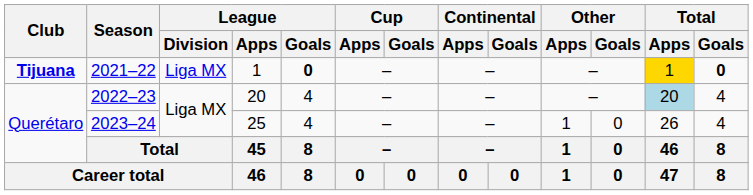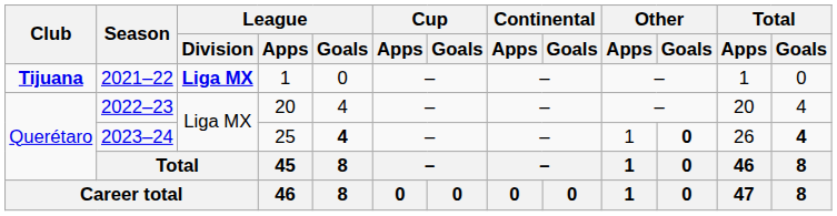 <table class="wikitable" style="text-align: center">
 <tr>
 <th rowspan="2">Club</th>
 <th rowspan="2">Season</th>
 <th colspan="3">League</th>
 <th colspan="2">Cup</th>
 <th colspan="2">Continental</th>
 <th colspan="2">Other</th>
 <th colspan="2">Total</th>
 </tr>
 <tr>
 <th>Division</th>
 <th>Apps</th>
 <th>Goals</th>
 <th>Apps</th>
 <th>Goals</th>
 <th>Apps</th>
 <th>Goals</th>
 <th>Apps</th>
 <th>Goals</th>
 <th>Apps</th>
 <th>Goals</th>
 </tr>
 <tr>
 <td><strong><a href='#'>Tijuana</a></strong></td>
 <td><a href='#'>2021–22</a></td>
-<td><a href='#'>Liga MX</a></td>
+<td><strong><a href='#'>Liga MX</a></strong></td>
 <td>1</td>
-<td><strong>0</strong></td>
+<td>0</td>
 <td colspan="2">–</td>
 <td colspan="2">–</td>
 <td colspan="2">–</td>
-<td style="background: gold;">1</td>
-<td><strong>0</strong></td>
+<td>1</td>
+<td>0</td>
 </tr>
 <tr>
 <td rowspan="3"><a href='#'>Querétaro</a></td>
 <td><a href='#'>2022–23</a></td>
 <td rowspan="2">Liga MX</td>
 <td>20</td>
 <td>4</td>
 <td colspan="2">–</td>
 <td colspan="2">–</td>
 <td colspan="2">–</td>
-<td style="background: lightblue;">20</td>
+<td>20</td>
 <td>4</td>
 </tr>
 <tr>
 <td><a href='#'>2023–24</a></td>
 <td>25</td>
-<td>4</td>
+<td><strong>4</strong></td>
 <td colspan="2">–</td>
 <td colspan="2">–</td>
 <td>1</td>
-<td>0</td>
+<td><strong>0</strong></td>
 <td>26</td>
-<td>4</td>
+<td><strong>4</strong></td>
 </tr>
 <tr>
 <th colspan="2">Total</th>
 <th>45</th>
 <th>8</th>
 <th colspan="2">–</th>
 <th colspan="2">–</th>
 <th>1</th>
 <th>0</th>
 <th>46</th>
 <th>8</th>
 </tr>
 <tr>
 <th colspan="3">Career total</th>
 <th>46</th>
 <th>8</th>
 <th>0</th>
 <th>0</th>
 <th>0</th>
 <th>0</th>
 <th>1</th>
 <th>0</th>
 <th>47</th>
 <th>8</th>
 </tr>
 </table>
